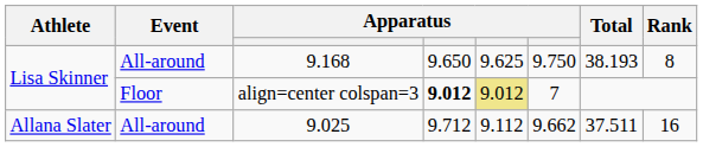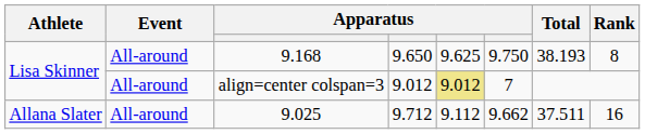 <table class="wikitable" style="font-size:90%">
 <tr>
 <th rowspan=2>Athlete</th>
 <th rowspan=2>Event</th>
 <th colspan=4>Apparatus</th>
 <th rowspan=2>Total</th>
 <th rowspan=2>Rank</th>
 </tr>
 <tr style="font-size:95%">
 <th></th>
 <th></th>
 <th></th>
 <th></th>
 </tr>
 <tr>
 <td align=left rowspan=2><a href='#'>Lisa Skinner</a></td>
 <td align=left><a href='#'>All-around</a>     </td>
 <td align=center>9.168</td>
 <td align=center>9.650</td>
 <td align=center>9.625</td>
 <td align=center>9.750</td>
 <td align=center>38.193</td>
 <td align=center>8</td>
 </tr>
 <tr>
-<td align=left><a href='#'>Floor</a></td>
+<td align=left><a href='#'>All-around</a>     </td>
 <td>align=center colspan=3 </td>
-<td align=center><strong>9.012</strong></td>
+<td align=center>9.012</td>
 <td align=center style="background: khaki;">9.012</td>
 <td align=center>7</td>
 </tr>
 <tr>
 <td align=left><a href='#'>Allana Slater</a></td>
 <td align=left><a href='#'>All-around</a></td>
 <td align=center>9.025</td>
 <td align=center>9.712</td>
 <td align=center>9.112</td>
 <td align=center>9.662</td>
 <td align=center>37.511</td>
 <td align=center>16</td>
 </tr>
 </table>
